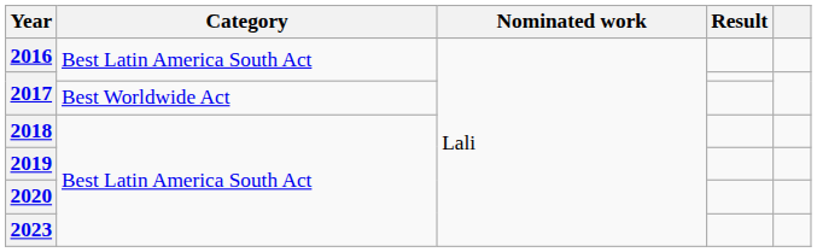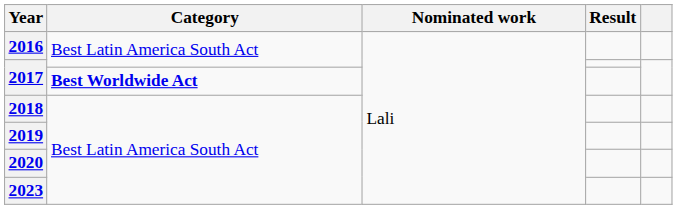 <table class="wikitable plainrowheaders" style="width:70%;">
 <tr>
 <th scope="col" style="width:4%;">Year</th>
 <th scope="col" style="width:50%;">Category</th>
 <th scope="col" style="width:35%;">Nominated work</th>
 <th scope="col" style="width:6%;">Result</th>
 <th scope="col" style="width:6%;"></th>
 </tr>
 <tr>
 <th scope="row"><a href='#'>2016</a></th>
 <td rowspan="2"><a href='#'>Best Latin America South Act</a></td>
 <td rowspan="7">Lali</td>
 <td></td>
 <td style="text-align:center;"></td>
 </tr>
 <tr>
 <th scope="row" rowspan="2"><a href='#'>2017</a></th>
 <td></td>
 <td rowspan="2" style="text-align:center;"></td>
 </tr>
 <tr>
-<td><a href='#'>Best Worldwide Act</a></td>
+<td><strong><a href='#'>Best Worldwide Act</a></strong></td>
 <td></td>
 </tr>
 <tr>
 <th scope="row"><a href='#'>2018</a></th>
 <td rowspan="4"><a href='#'>Best Latin America South Act</a></td>
 <td></td>
 <td style="text-align:center;"></td>
 </tr>
 <tr>
 <th scope="row"><a href='#'>2019</a></th>
 <td></td>
 <td style="text-align:center;"></td>
 </tr>
 <tr>
 <th scope="row"><a href='#'>2020</a></th>
 <td></td>
 <td style="text-align:center;"></td>
 </tr>
 <tr>
 <th scope="row"><a href='#'>2023</a></th>
 <td></td>
 <td style="text-align:center;"></td>
 </tr>
 </table>
